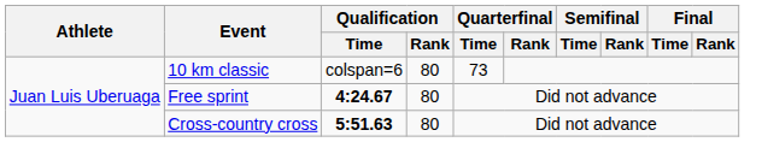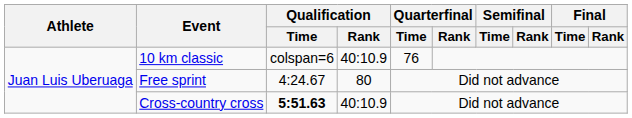 <table class="wikitable" style="font-size:90%">
 <tr>
 <th rowspan="2">Athlete</th>
 <th rowspan="2">Event</th>
 <th colspan="2">Qualification</th>
 <th colspan="2">Quarterfinal</th>
 <th colspan="2">Semifinal</th>
 <th colspan="2">Final</th>
 </tr>
 <tr style="font-size:95%">
 <th>Time</th>
 <th>Rank</th>
 <th>Time</th>
 <th>Rank</th>
 <th>Time</th>
 <th>Rank</th>
 <th>Time</th>
 <th>Rank</th>
 </tr>
 <tr align=center>
 <td align=left rowspan=3><a href='#'>Juan Luis Uberuaga</a></td>
 <td align=left><a href='#'>10 km classic</a></td>
 <td>colspan=6 </td>
-<td>80</td>
-<td>73</td>
+<td>40:10.9</td>
+<td>76</td>
 </tr>
 <tr align=center>
 <td align=left><a href='#'>Free sprint</a></td>
-<td><strong>4:24.67</strong></td>
+<td>4:24.67</td>
 <td>80</td>
 <td colspan=6>Did not advance</td>
 </tr>
 <tr align=center>
 <td align=left><a href='#'>Cross-country cross</a></td>
 <td><strong>5:51.63</strong></td>
-<td>80</td>
+<td>40:10.9</td>
 <td colspan=6>Did not advance</td>
 </tr>
 </table>
